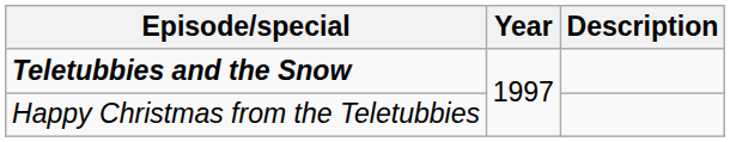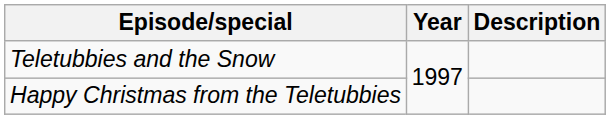 <table class="wikitable sortable">
 <tr>
 <th>Episode/special</th>
 <th>Year</th>
 <th>Description</th>
 </tr>
 <tr>
-<td><strong><em>Teletubbies and the Snow</em></strong></td>
+<td><em>Teletubbies and the Snow</em></td>
 <td rowspan="2">1997</td>
 <td></td>
 </tr>
 <tr>
 <td><em>Happy Christmas from the Teletubbies</em></td>
 <td></td>
 </tr>
 </table>
